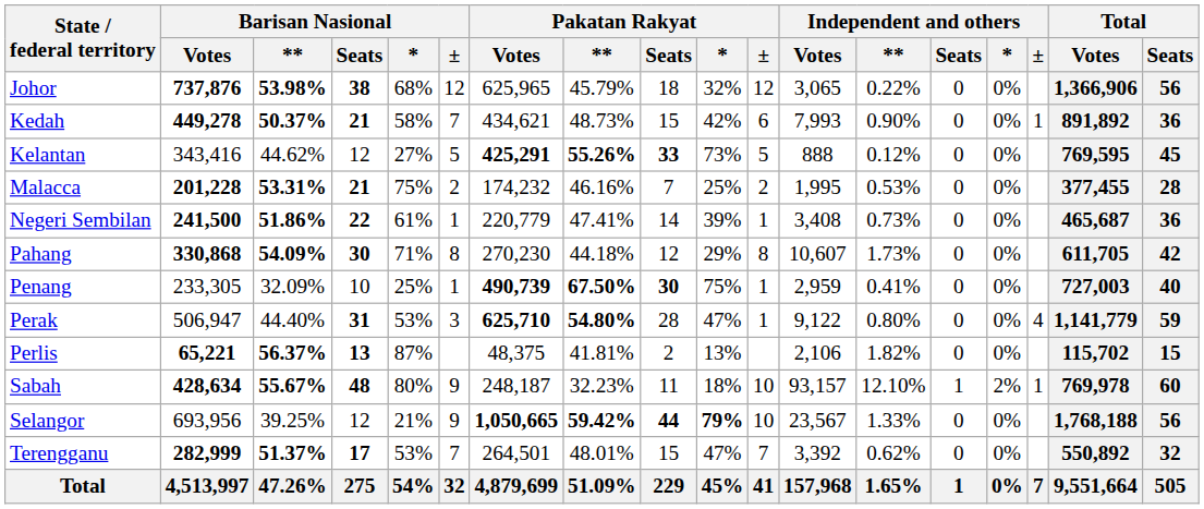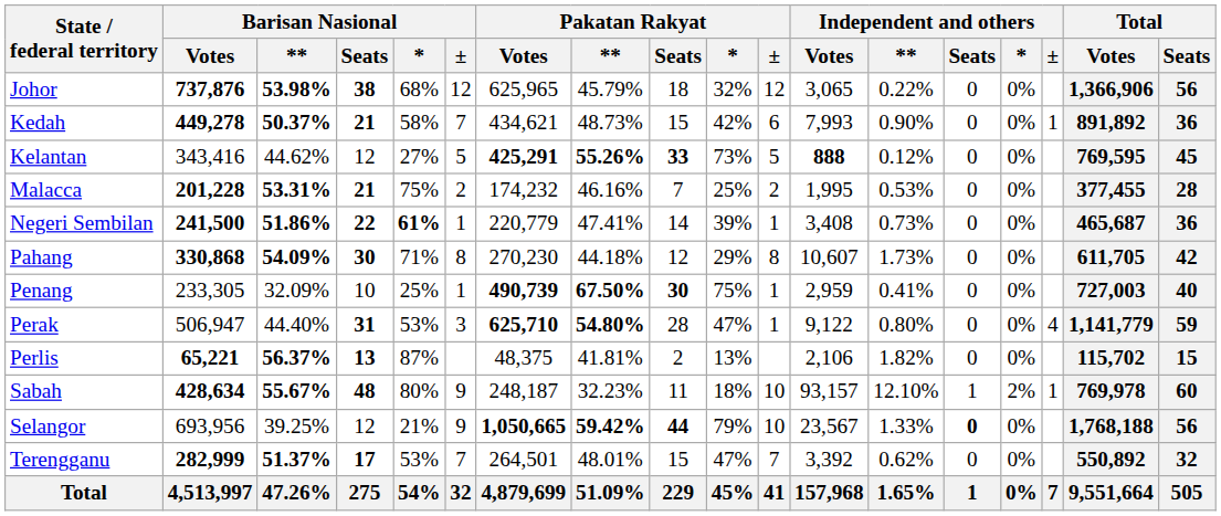 <table class="wikitable sortable" style="background:#fff; color:#000;">
 <tr>
 <th rowspan="2">State / <br>federal territory</th>
 <th colspan="5" style="background:">Barisan Nasional</th>
 <th colspan="5" style="background:">Pakatan Rakyat</th>
 <th colspan="5" style="background:">Independent and others</th>
 <th colspan=2>Total</th>
 </tr>
 <tr>
 <th>Votes</th>
 <th>**</th>
 <th>Seats</th>
 <th>*</th>
 <th>±</th>
 <th>Votes</th>
 <th>**</th>
 <th>Seats</th>
 <th>*</th>
 <th>±</th>
 <th>Votes</th>
 <th>**</th>
 <th>Seats</th>
 <th>*</th>
 <th>±</th>
 <th>Votes</th>
 <th>Seats</th>
 </tr>
 <tr style="text-align:center;">
 <td style="text-align:left;"> <a href='#'>Johor</a></td>
 <td><strong>737,876</strong></td>
 <td><strong>53.98%</strong></td>
 <td><strong>38</strong></td>
 <td>68%</td>
 <td>12</td>
 <td>625,965</td>
 <td>45.79%</td>
 <td>18</td>
 <td>32%</td>
 <td>12</td>
 <td>3,065</td>
 <td>0.22%</td>
 <td>0</td>
 <td>0%</td>
 <td></td>
 <th>1,366,906</th>
 <th>56</th>
 </tr>
 <tr style="text-align:center;">
 <td style="text-align:left;"> <a href='#'>Kedah</a></td>
 <td><strong>449,278</strong></td>
 <td><strong>50.37%</strong></td>
 <td><strong>21</strong></td>
 <td>58%</td>
 <td>7</td>
 <td>434,621</td>
 <td>48.73%</td>
 <td>15</td>
 <td>42%</td>
 <td>6</td>
 <td>7,993</td>
 <td>0.90%</td>
 <td>0</td>
 <td>0%</td>
 <td>1</td>
 <th>891,892</th>
 <th>36</th>
 </tr>
 <tr style="text-align:center;">
 <td style="text-align:left;"> <a href='#'>Kelantan</a></td>
 <td>343,416</td>
 <td>44.62%</td>
 <td>12</td>
 <td>27%</td>
 <td>5</td>
 <td><strong>425,291</strong></td>
 <td><strong>55.26%</strong></td>
 <td><strong>33</strong></td>
 <td>73%</td>
 <td>5</td>
-<td>888</td>
+<td><strong>888</strong></td>
 <td>0.12%</td>
 <td>0</td>
 <td>0%</td>
 <td></td>
 <th>769,595</th>
 <th>45</th>
 </tr>
 <tr style="text-align:center;">
 <td style="text-align:left;"> <a href='#'>Malacca</a></td>
 <td><strong>201,228</strong></td>
 <td><strong>53.31%</strong></td>
 <td><strong>21</strong></td>
 <td>75%</td>
 <td>2</td>
 <td>174,232</td>
 <td>46.16%</td>
 <td>7</td>
 <td>25%</td>
 <td>2</td>
 <td>1,995</td>
 <td>0.53%</td>
 <td>0</td>
 <td>0%</td>
 <td></td>
 <th>377,455</th>
 <th>28</th>
 </tr>
 <tr style="text-align:center;">
 <td style="text-align:left;"> <a href='#'>Negeri Sembilan</a></td>
 <td><strong>241,500</strong></td>
 <td><strong>51.86%</strong></td>
 <td><strong>22</strong></td>
-<td>61%</td>
+<td><strong>61%</strong></td>
 <td>1</td>
 <td>220,779</td>
 <td>47.41%</td>
 <td>14</td>
 <td>39%</td>
 <td>1</td>
 <td>3,408</td>
 <td>0.73%</td>
 <td>0</td>
 <td>0%</td>
 <td></td>
 <th>465,687</th>
 <th>36</th>
 </tr>
 <tr style="text-align:center;">
 <td style="text-align:left;"> <a href='#'>Pahang</a></td>
 <td><strong>330,868</strong></td>
 <td><strong>54.09%</strong></td>
 <td><strong>30</strong></td>
 <td>71%</td>
 <td>8</td>
 <td>270,230</td>
 <td>44.18%</td>
 <td>12</td>
 <td>29%</td>
 <td>8</td>
 <td>10,607</td>
 <td>1.73%</td>
 <td>0</td>
 <td>0%</td>
 <td></td>
 <th>611,705</th>
 <th>42</th>
 </tr>
 <tr style="text-align:center;">
 <td style="text-align:left;"> <a href='#'>Penang</a></td>
 <td>233,305</td>
 <td>32.09%</td>
 <td>10</td>
 <td>25%</td>
 <td>1</td>
 <td><strong>490,739</strong></td>
 <td><strong>67.50%</strong></td>
 <td><strong>30</strong></td>
 <td>75%</td>
 <td>1</td>
 <td>2,959</td>
 <td>0.41%</td>
 <td>0</td>
 <td>0%</td>
 <td></td>
 <th>727,003</th>
 <th>40</th>
 </tr>
 <tr style="text-align:center;">
 <td style="text-align:left;"> <a href='#'>Perak</a></td>
 <td>506,947</td>
 <td>44.40%</td>
 <td><strong>31</strong></td>
 <td>53%</td>
 <td>3</td>
 <td><strong>625,710</strong></td>
 <td><strong>54.80%</strong></td>
 <td>28</td>
 <td>47%</td>
 <td>1</td>
 <td>9,122</td>
 <td>0.80%</td>
 <td>0</td>
 <td>0%</td>
 <td>4</td>
 <th>1,141,779</th>
 <th>59</th>
 </tr>
 <tr style="text-align:center;">
 <td style="text-align:left;"> <a href='#'>Perlis</a></td>
 <td><strong>65,221</strong></td>
 <td><strong>56.37%</strong></td>
 <td><strong>13</strong></td>
 <td>87%</td>
 <td></td>
 <td>48,375</td>
 <td>41.81%</td>
 <td>2</td>
 <td>13%</td>
 <td></td>
 <td>2,106</td>
 <td>1.82%</td>
 <td>0</td>
 <td>0%</td>
 <td></td>
 <th>115,702</th>
 <th>15</th>
 </tr>
 <tr style="text-align:center;">
 <td style="text-align:left;"> <a href='#'>Sabah</a></td>
 <td><strong>428,634</strong></td>
 <td><strong>55.67%</strong></td>
 <td><strong>48</strong></td>
 <td>80%</td>
 <td>9</td>
 <td>248,187</td>
 <td>32.23%</td>
 <td>11</td>
 <td>18%</td>
 <td>10</td>
 <td>93,157</td>
 <td>12.10%</td>
 <td>1</td>
 <td>2%</td>
 <td>1</td>
 <th>769,978</th>
 <th>60</th>
 </tr>
 <tr style="text-align:center;">
 <td style="text-align:left;"> <a href='#'>Selangor</a></td>
 <td>693,956</td>
 <td>39.25%</td>
 <td>12</td>
 <td>21%</td>
 <td>9</td>
 <td><strong>1,050,665</strong></td>
 <td><strong>59.42%</strong></td>
 <td><strong>44</strong></td>
-<td><strong>79%</strong></td>
+<td>79%</td>
 <td>10</td>
 <td>23,567</td>
 <td>1.33%</td>
-<td>0</td>
+<td><strong>0</strong></td>
 <td>0%</td>
 <td></td>
 <th>1,768,188</th>
 <th>56</th>
 </tr>
 <tr style="text-align:center;">
 <td style="text-align:left;"> <a href='#'>Terengganu</a></td>
 <td><strong>282,999</strong></td>
 <td><strong>51.37%</strong></td>
 <td><strong>17</strong></td>
 <td>53%</td>
 <td>7</td>
 <td>264,501</td>
 <td>48.01%</td>
 <td>15</td>
 <td>47%</td>
 <td>7</td>
 <td>3,392</td>
 <td>0.62%</td>
 <td>0</td>
 <td>0%</td>
 <td></td>
 <th>550,892</th>
 <th>32</th>
 </tr>
 <tr style="text-align:center;">
 <th>Total</th>
 <th>4,513,997</th>
 <th>47.26%</th>
 <th>275</th>
 <th>54%</th>
 <th>32</th>
 <th>4,879,699</th>
 <th>51.09%</th>
 <th>229</th>
 <th>45%</th>
 <th>41</th>
 <th>157,968</th>
 <th>1.65%</th>
 <th>1</th>
 <th>0%</th>
 <th>7</th>
 <th>9,551,664</th>
 <th>505</th>
 </tr>
 </table>
